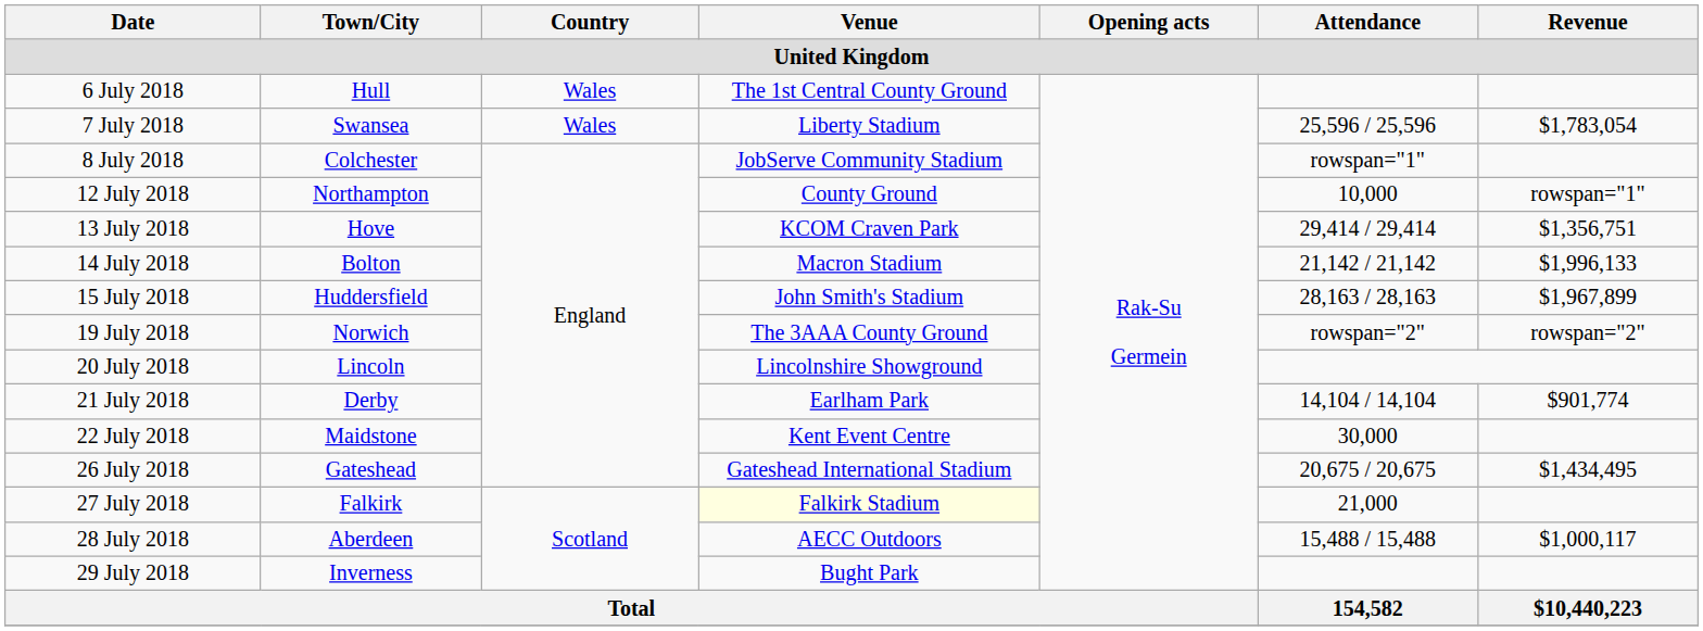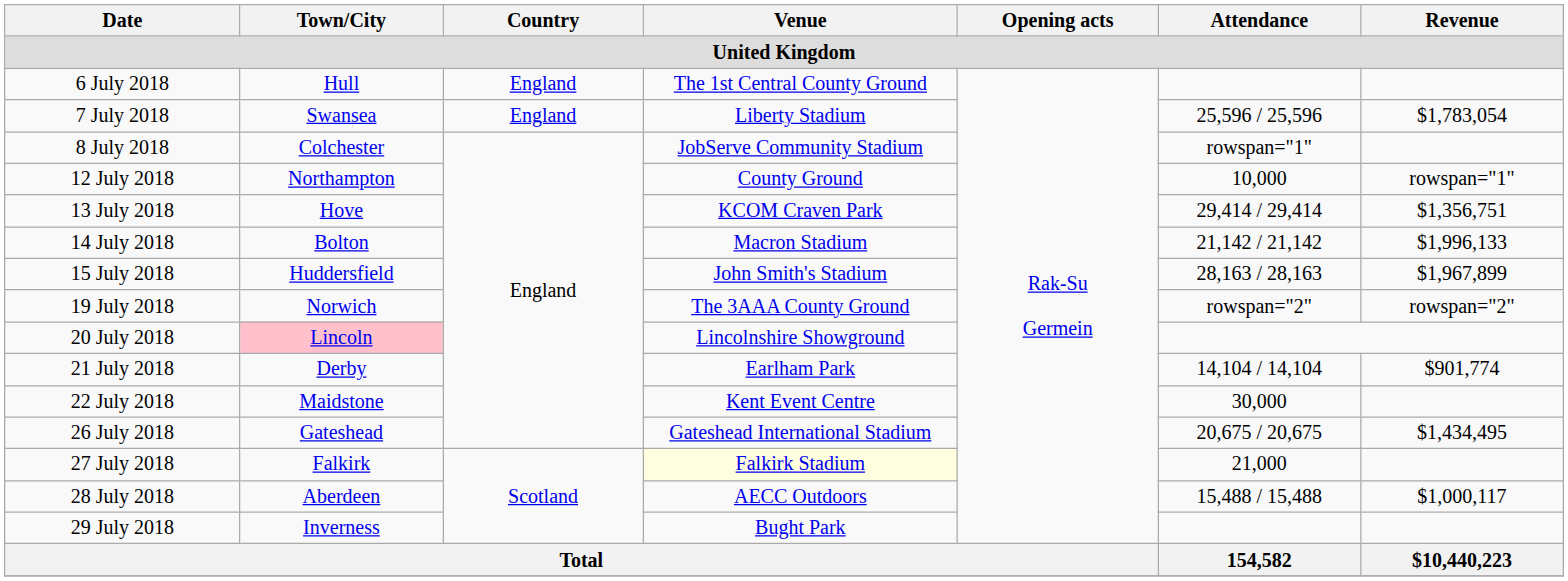 <table class="wikitable" style="text-align:center;">
 <tr>
 <th scope="col" style="width:12em;">Date</th>
 <th scope="col" style="width:10em;">Town/City</th>
 <th scope="col" style="width:10em;">Country</th>
 <th scope="col" style="width:16em;">Venue</th>
 <th scope="col" style="width:10em;">Opening acts</th>
 <th scope="col" style="width:10em;">Attendance</th>
 <th scope="col" style="width:10em;">Revenue</th>
 </tr>
 <tr>
 <td colspan="7" style="background:#ddd;"><strong>United Kingdom</strong></td>
 </tr>
 <tr>
 <td>6 July 2018</td>
 <td><a href='#'>Hull</a></td>
-<td><a href='#'>Wales</a></td>
+<td><a href='#'>England</a></td>
 <td><a href='#'>The 1st Central County Ground</a></td>
 <td rowspan="15"><a href='#'>Rak-Su</a><br><br><a href='#'>Germein</a></td>
 <td></td>
 <td></td>
 </tr>
 <tr>
 <td>7 July 2018</td>
 <td><a href='#'>Swansea</a></td>
-<td><a href='#'>Wales</a></td>
+<td><a href='#'>England</a></td>
 <td><a href='#'>Liberty Stadium</a></td>
 <td>25,596 / 25,596</td>
 <td>$1,783,054</td>
 </tr>
 <tr>
 <td>8 July 2018</td>
 <td><a href='#'>Colchester</a></td>
 <td rowspan="10">England</td>
 <td><a href='#'>JobServe Community Stadium</a></td>
 <td>rowspan="1"  </td>
 <td></td>
 </tr>
 <tr>
 <td>12 July 2018</td>
 <td><a href='#'>Northampton</a></td>
 <td><a href='#'>County Ground</a></td>
 <td>10,000</td>
 <td>rowspan="1"  </td>
 </tr>
 <tr>
 <td>13 July 2018</td>
 <td><a href='#'>Hove</a></td>
 <td><a href='#'>KCOM Craven Park</a></td>
 <td>29,414 / 29,414</td>
 <td>$1,356,751</td>
 </tr>
 <tr>
 <td>14 July 2018</td>
 <td><a href='#'>Bolton</a></td>
 <td><a href='#'>Macron Stadium</a></td>
 <td>21,142 / 21,142</td>
 <td>$1,996,133</td>
 </tr>
 <tr>
 <td>15 July 2018</td>
 <td><a href='#'>Huddersfield</a></td>
 <td><a href='#'>John Smith's Stadium</a></td>
 <td>28,163 / 28,163</td>
 <td>$1,967,899</td>
 </tr>
 <tr>
 <td>19 July 2018</td>
 <td><a href='#'>Norwich</a></td>
 <td><a href='#'>The 3AAA County Ground</a></td>
 <td>rowspan="2"  </td>
 <td>rowspan="2"  </td>
 </tr>
 <tr>
 <td>20 July 2018</td>
-<td><a href='#'>Lincoln</a></td>
+<td style="background: pink;"><a href='#'>Lincoln</a></td>
 <td><a href='#'>Lincolnshire Showground</a></td>
 </tr>
 <tr>
 <td>21 July 2018</td>
 <td><a href='#'>Derby</a></td>
 <td><a href='#'>Earlham Park</a></td>
 <td>14,104 / 14,104</td>
 <td>$901,774</td>
 </tr>
 <tr>
 <td>22 July 2018</td>
 <td><a href='#'>Maidstone</a></td>
 <td><a href='#'>Kent Event Centre</a></td>
 <td>30,000</td>
 <td></td>
 </tr>
 <tr>
 <td>26 July 2018</td>
 <td><a href='#'>Gateshead</a></td>
 <td><a href='#'>Gateshead International Stadium</a></td>
 <td>20,675 / 20,675</td>
 <td>$1,434,495</td>
 </tr>
 <tr>
 <td>27 July 2018</td>
 <td><a href='#'>Falkirk</a></td>
 <td rowspan="3"><a href='#'>Scotland</a></td>
 <td style="background: lightyellow;"><a href='#'>Falkirk Stadium</a></td>
 <td>21,000</td>
 <td></td>
 </tr>
 <tr>
 <td>28 July 2018</td>
 <td><a href='#'>Aberdeen</a></td>
 <td><a href='#'>AECC Outdoors</a></td>
 <td>15,488 / 15,488</td>
 <td>$1,000,117</td>
 </tr>
 <tr>
 <td>29 July 2018</td>
 <td><a href='#'>Inverness</a></td>
 <td><a href='#'>Bught Park</a></td>
 <td></td>
 <td></td>
 </tr>
 <tr>
 <th colspan="5">Total</th>
 <th>154,582</th>
 <th>$10,440,223</th>
 </tr>
 <tr>
 </tr>
 </table>
